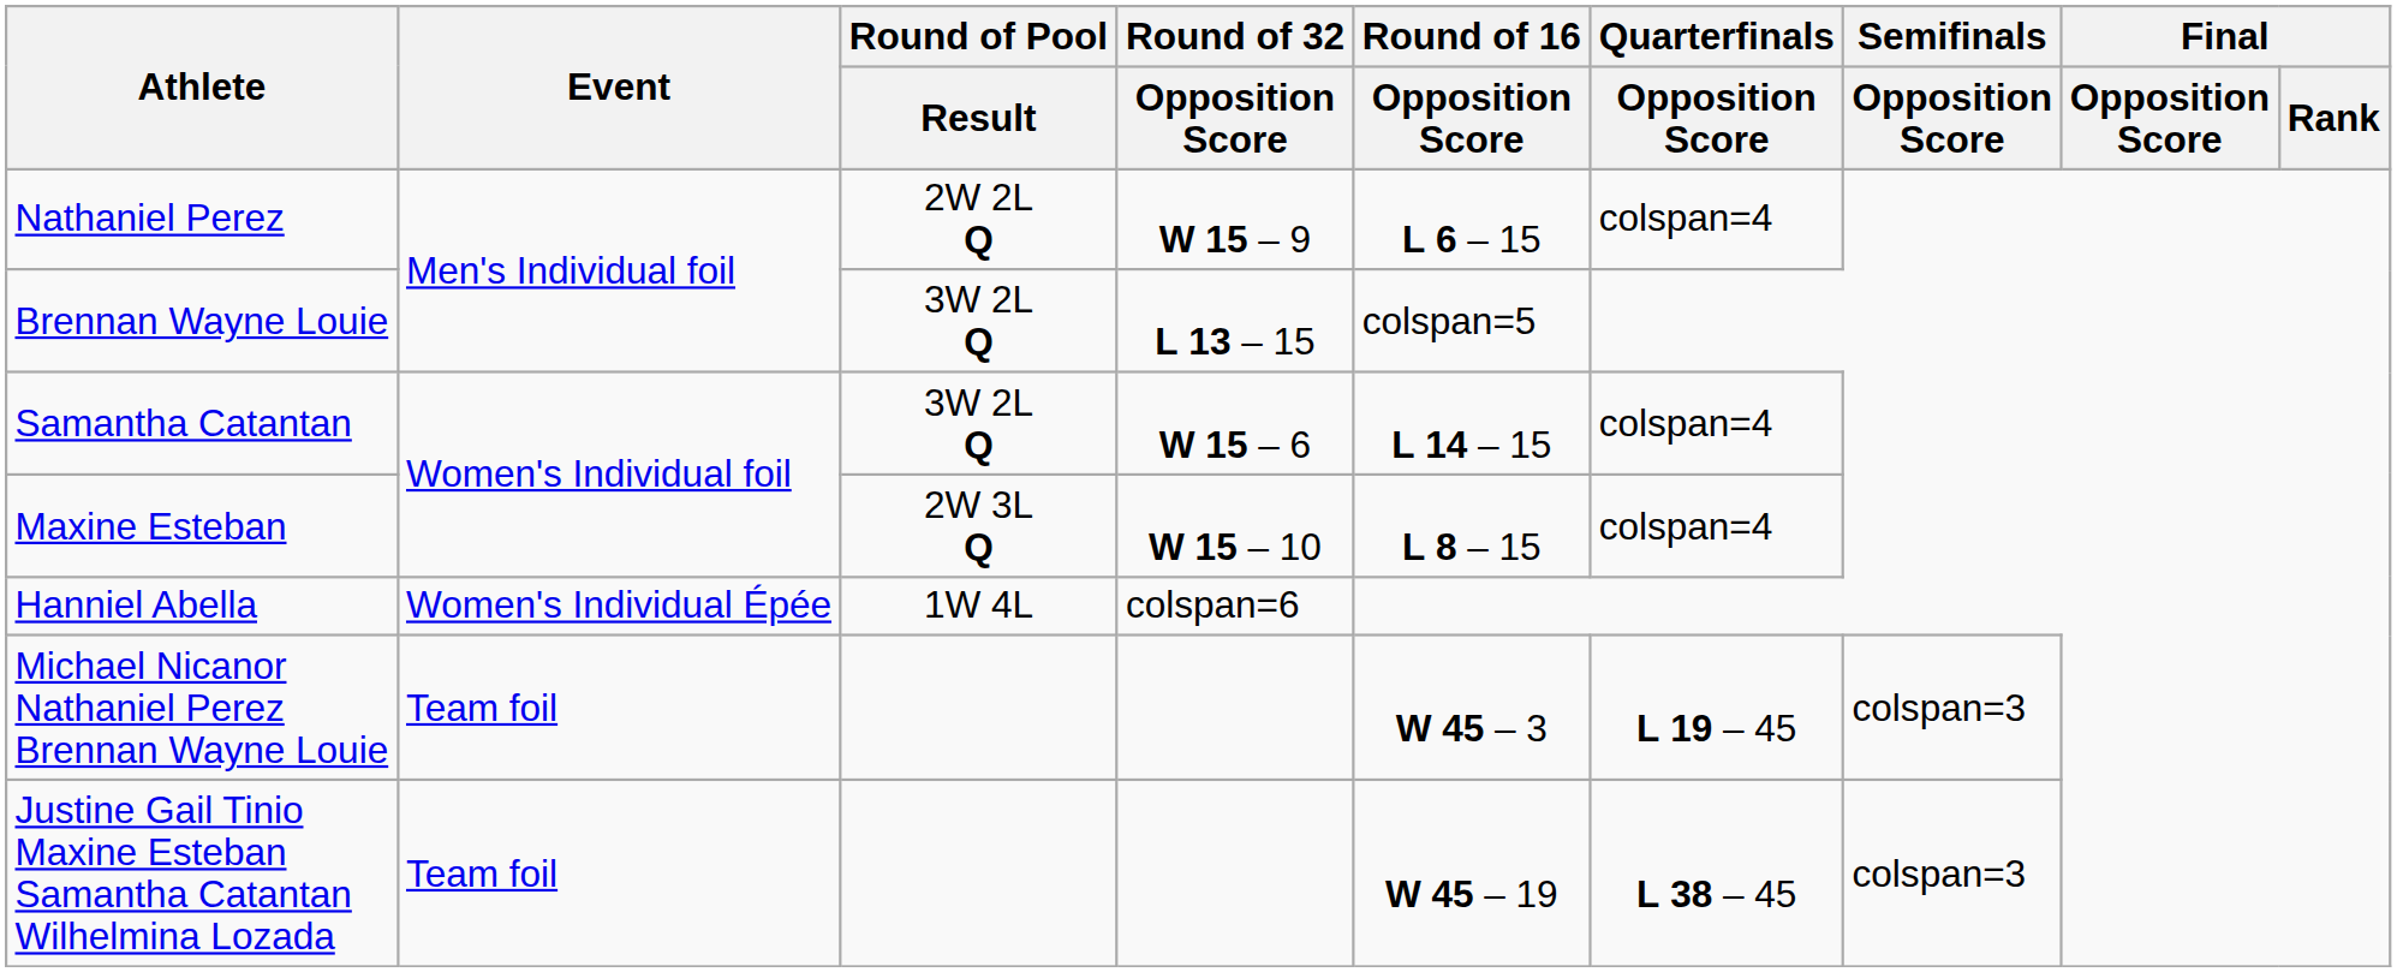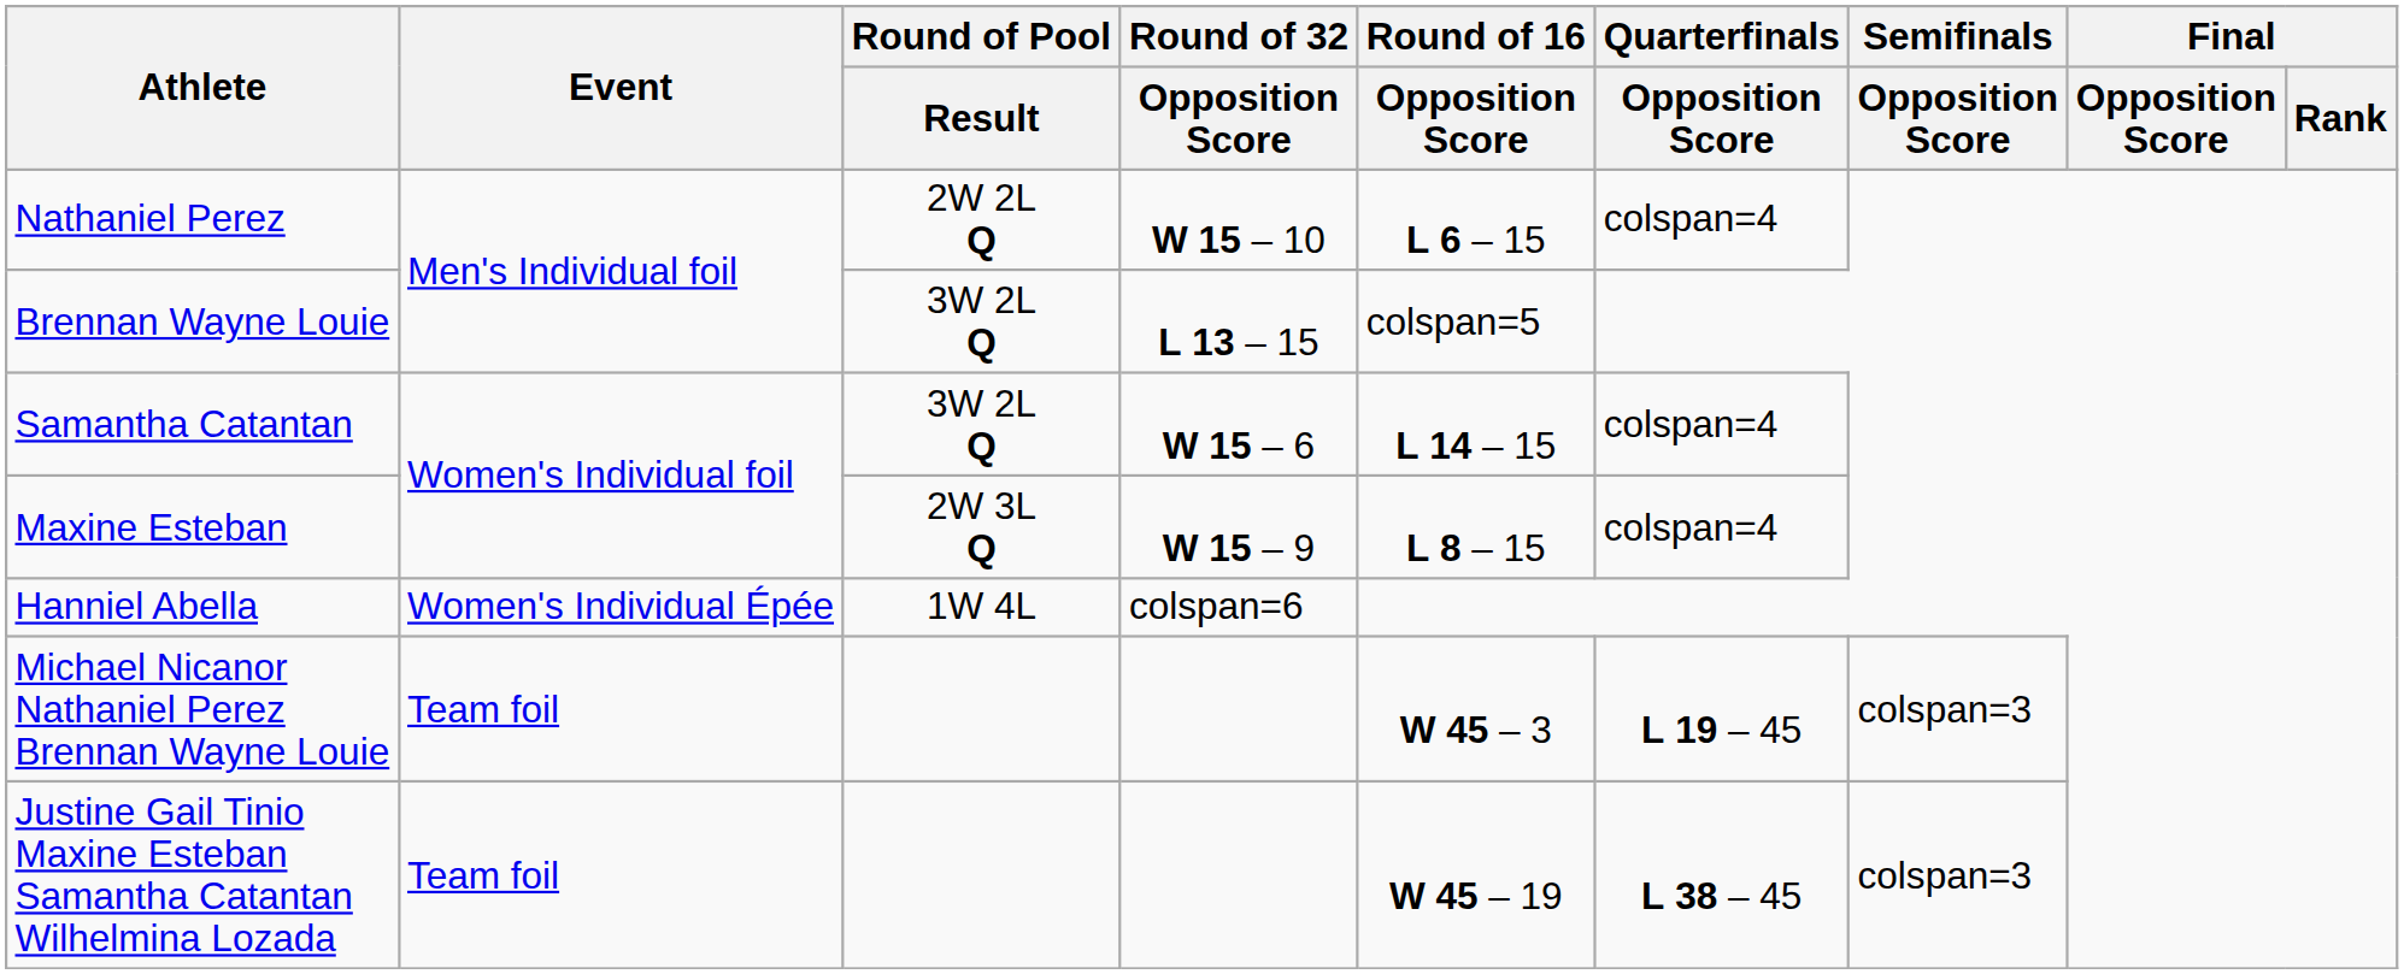 <table class="wikitable" border="1" style="font-size:90%">
 <tr>
 <th rowspan=2>Athlete</th>
 <th rowspan=2>Event</th>
 <th>Round of Pool</th>
 <th>Round of 32</th>
 <th>Round of 16</th>
 <th>Quarterfinals</th>
 <th>Semifinals</th>
 <th colspan=2>Final</th>
 </tr>
 <tr>
 <th>Result</th>
 <th>Opposition<br>Score</th>
 <th>Opposition<br>Score</th>
 <th>Opposition<br>Score</th>
 <th>Opposition<br>Score</th>
 <th>Opposition<br>Score</th>
 <th>Rank</th>
 </tr>
 <tr>
 <td><a href='#'>Nathaniel Perez</a></td>
 <td rowspan=2><a href='#'>Men's Individual foil</a></td>
 <td align=center>2W 2L <br> <strong>Q</strong></td>
-<td align=center> <br> <strong>W</strong> <strong>15</strong> – 9</td>
+<td align=center> <br> <strong>W</strong> <strong>15</strong> – 10</td>
 <td align=center> <br> <strong>L</strong> <strong>6</strong> – 15</td>
 <td>colspan=4 </td>
 </tr>
 <tr>
 <td><a href='#'>Brennan Wayne Louie</a></td>
 <td align=center>3W 2L <br> <strong>Q</strong></td>
 <td align=center> <br> <strong>L</strong> <strong>13</strong> – 15</td>
 <td>colspan=5 </td>
 </tr>
 <tr>
 <td><a href='#'>Samantha Catantan</a></td>
 <td rowspan=2><a href='#'>Women's Individual foil</a></td>
 <td align=center>3W 2L <br> <strong>Q</strong></td>
 <td align=center> <br> <strong>W</strong> <strong>15</strong> – 6</td>
 <td align=center> <br> <strong>L</strong> <strong>14</strong> – 15</td>
 <td>colspan=4 </td>
 </tr>
 <tr>
 <td><a href='#'>Maxine Esteban</a></td>
 <td align=center>2W 3L <br> <strong>Q</strong></td>
-<td align=center> <br> <strong>W</strong> <strong>15</strong> – 10</td>
+<td align=center> <br> <strong>W</strong> <strong>15</strong> – 9</td>
 <td align=center> <br> <strong>L</strong> <strong>8</strong> – 15</td>
 <td>colspan=4 </td>
 </tr>
 <tr>
 <td><a href='#'>Hanniel Abella</a></td>
 <td><a href='#'>Women's Individual Épée</a></td>
 <td align=center>1W 4L <br></td>
 <td>colspan=6 </td>
 </tr>
 <tr>
 <td align=left><a href='#'>Michael Nicanor</a><br><a href='#'>Nathaniel Perez</a><br><a href='#'>Brennan Wayne Louie</a></td>
 <td style="text-align:left;"><a href='#'>Team foil</a></td>
 <td></td>
 <td></td>
 <td align=center> <br> <strong>W</strong> <strong>45</strong> – 3</td>
 <td align=center> <br> <strong>L</strong> <strong>19</strong> – 45</td>
 <td>colspan=3 </td>
 </tr>
 <tr>
 <td align=left><a href='#'>Justine Gail Tinio</a><br><a href='#'>Maxine Esteban</a><br><a href='#'>Samantha Catantan</a><br><a href='#'>Wilhelmina Lozada</a></td>
 <td style="text-align:left;"><a href='#'>Team foil</a></td>
 <td></td>
 <td></td>
 <td align=center> <br> <strong>W</strong> <strong>45</strong> – 19</td>
 <td align=center> <br> <strong>L</strong> <strong>38</strong> – 45</td>
 <td>colspan=3 </td>
 </tr>
 </table>
